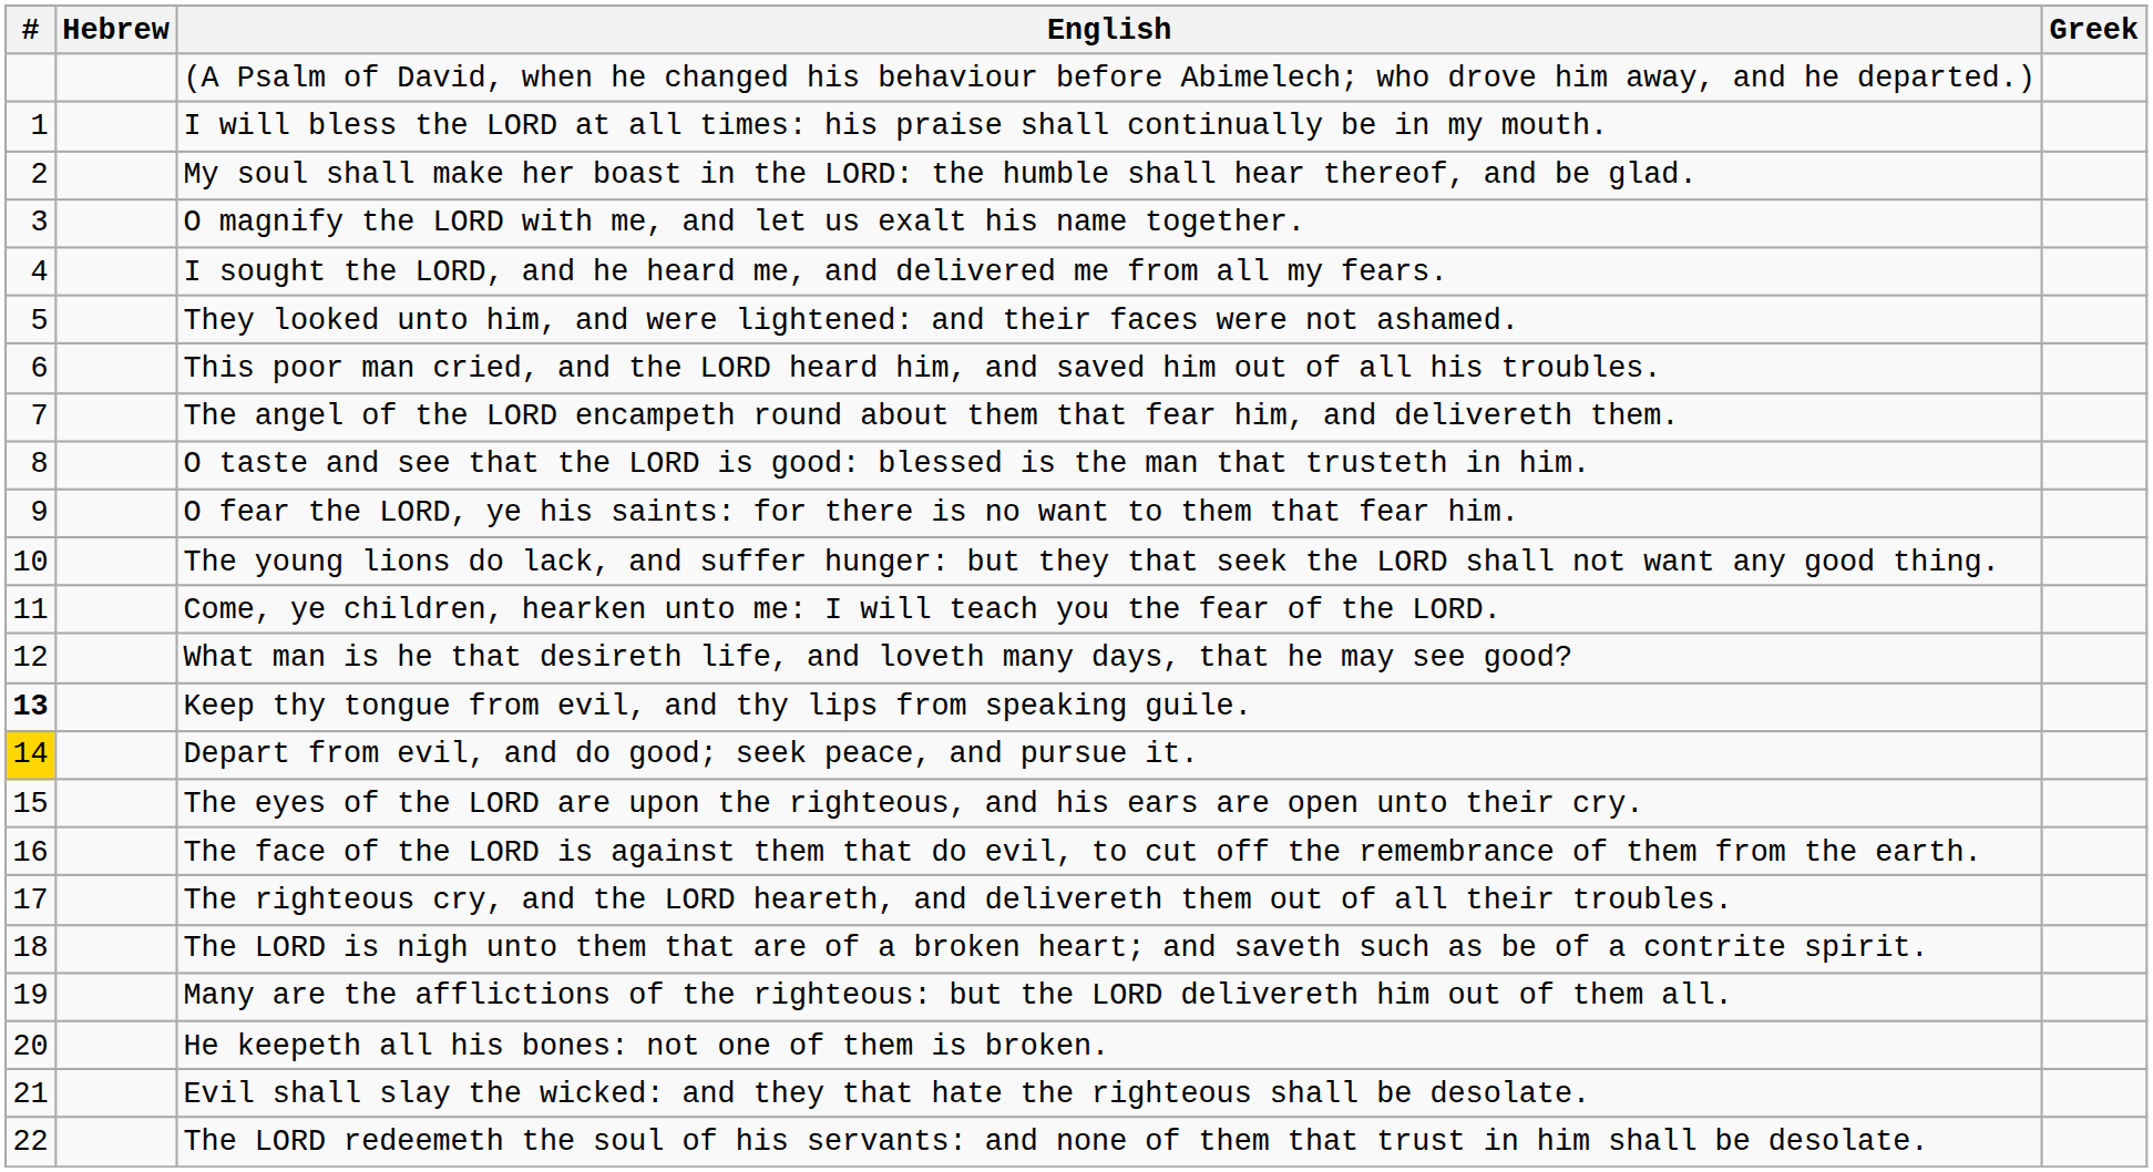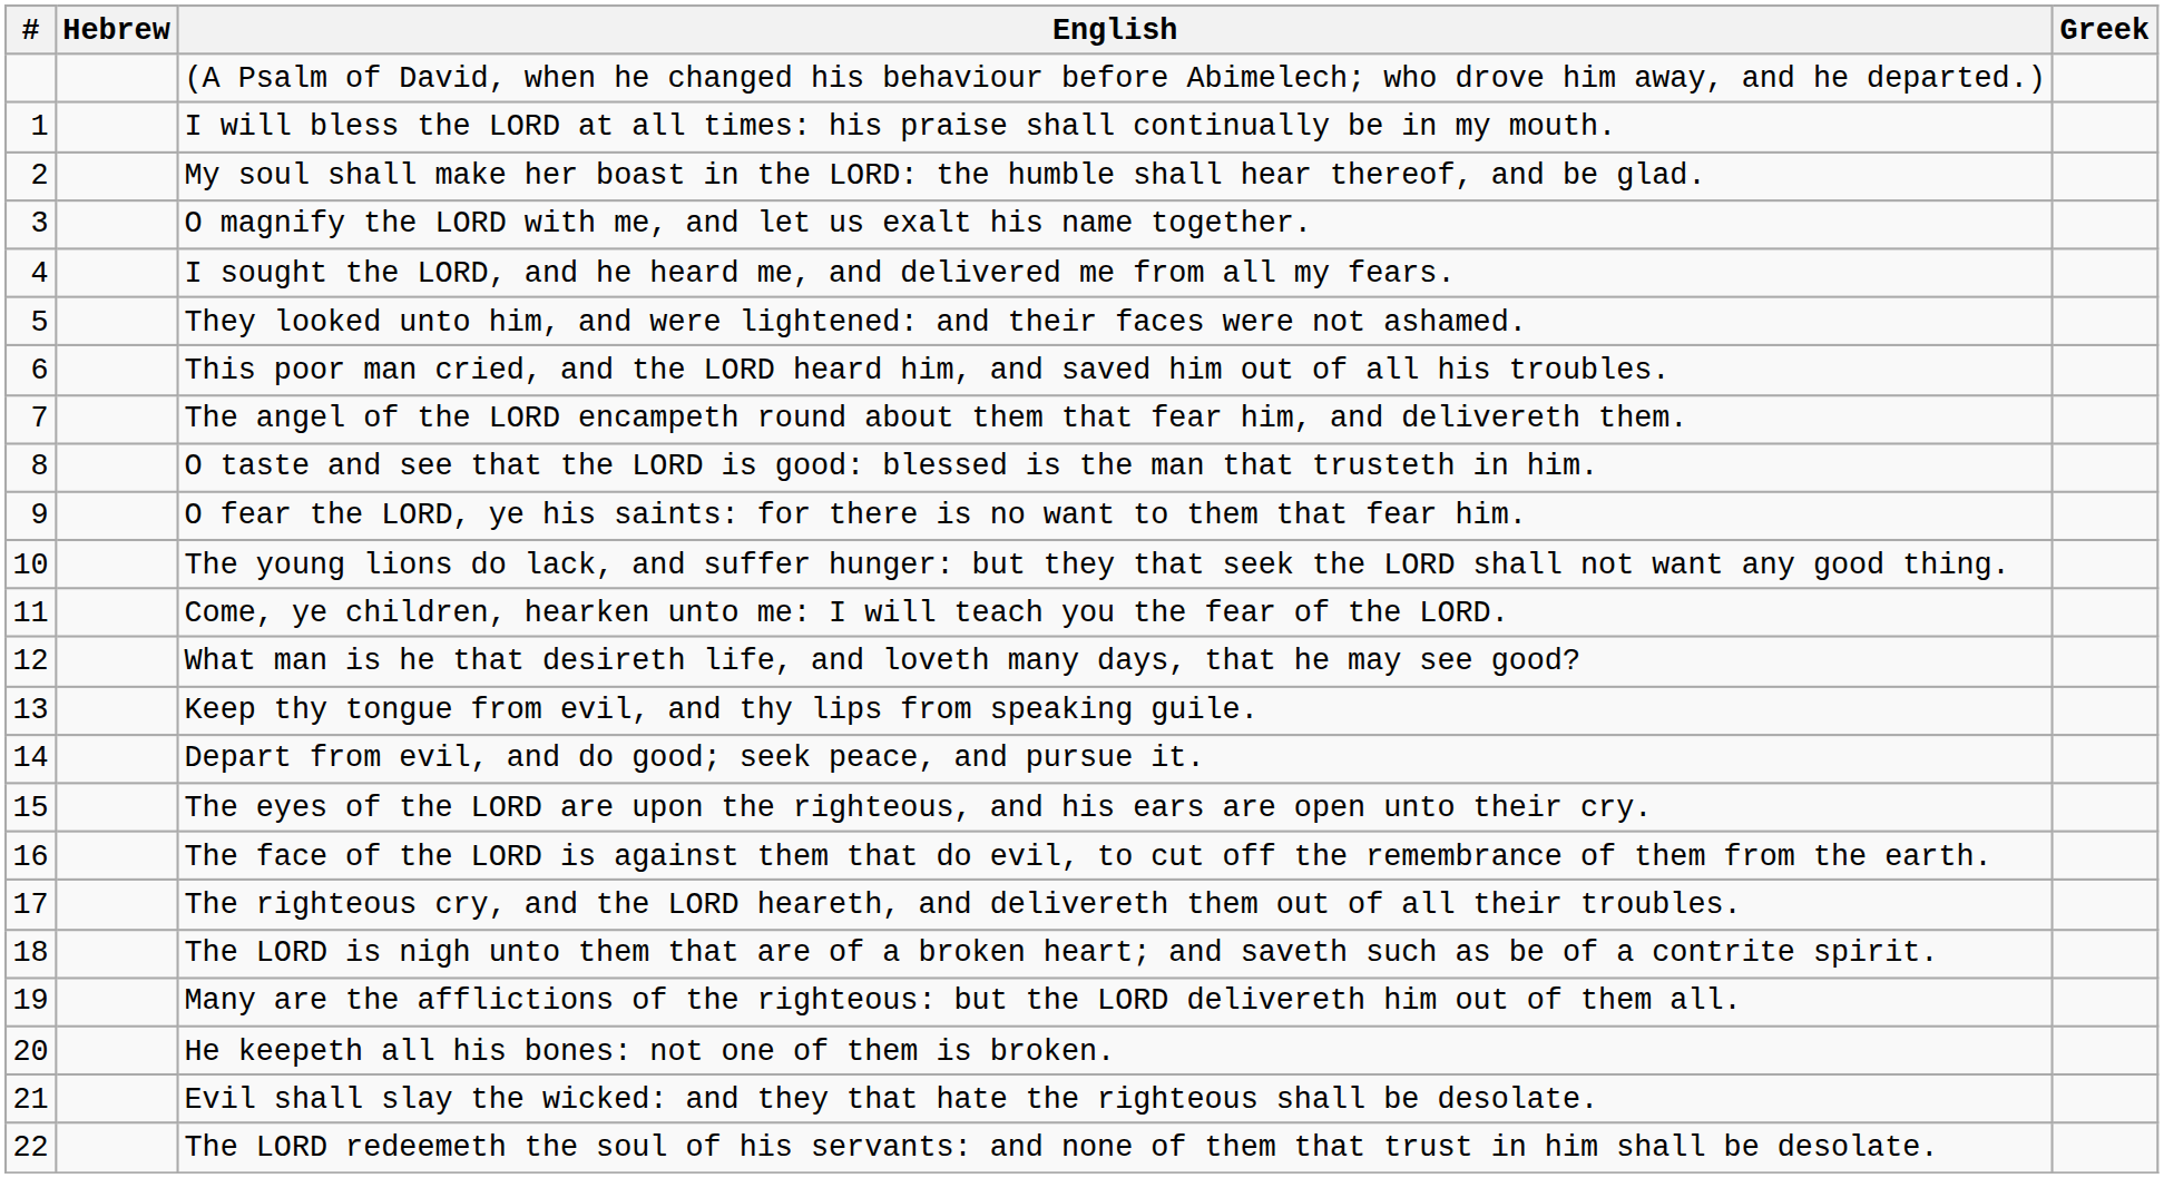 <table class=wikitable>
 <tr>
 <th>#</th>
 <th>Hebrew</th>
 <th>English</th>
 <th>Greek</th>
 </tr>
 <tr>
 <td style="text-align:right"></td>
 <td style="text-align:right"></td>
 <td>(A Psalm of David, when he changed his behaviour before Abimelech; who drove him away, and he departed.)</td>
 <td></td>
 </tr>
 <tr>
 <td style="text-align:right">1</td>
 <td style="text-align:right"></td>
 <td>I will bless the LORD at all times: his praise shall continually be in my mouth.</td>
 <td></td>
 </tr>
 <tr>
 <td style="text-align:right">2</td>
 <td style="text-align:right"></td>
 <td>My soul shall make her boast in the LORD: the humble shall hear thereof, and be glad.</td>
 <td></td>
 </tr>
 <tr>
 <td style="text-align:right">3</td>
 <td style="text-align:right"></td>
 <td>O magnify the LORD with me, and let us exalt his name together.</td>
 <td></td>
 </tr>
 <tr>
 <td style="text-align:right">4</td>
 <td style="text-align:right"></td>
 <td>I sought the LORD, and he heard me, and delivered me from all my fears.</td>
 <td></td>
 </tr>
 <tr>
 <td style="text-align:right">5</td>
 <td style="text-align:right"></td>
 <td>They looked unto him, and were lightened: and their faces were not ashamed.</td>
 <td></td>
 </tr>
 <tr>
 <td style="text-align:right">6</td>
 <td style="text-align:right"></td>
 <td>This poor man cried, and the LORD heard him, and saved him out of all his troubles.</td>
 <td></td>
 </tr>
 <tr>
 <td style="text-align:right">7</td>
 <td style="text-align:right"></td>
 <td>The angel of the LORD encampeth round about them that fear him, and delivereth them.</td>
 <td></td>
 </tr>
 <tr>
 <td style="text-align:right">8</td>
 <td style="text-align:right"></td>
 <td>O taste and see that the LORD is good: blessed is the man that trusteth in him.</td>
 <td></td>
 </tr>
 <tr>
 <td style="text-align:right">9</td>
 <td style="text-align:right"></td>
 <td>O fear the LORD, ye his saints: for there is no want to them that fear him.</td>
 <td></td>
 </tr>
 <tr>
 <td style="text-align:right">10</td>
 <td style="text-align:right"></td>
 <td>The young lions do lack, and suffer hunger: but they that seek the LORD shall not want any good thing.</td>
 <td></td>
 </tr>
 <tr>
 <td style="text-align:right">11</td>
 <td style="text-align:right"></td>
 <td>Come, ye children, hearken unto me: I will teach you the fear of the LORD.</td>
 <td></td>
 </tr>
 <tr>
 <td style="text-align:right">12</td>
 <td style="text-align:right"></td>
 <td>What man is he that desireth life, and loveth many days, that he may see good?</td>
 <td></td>
 </tr>
 <tr>
-<td style="text-align:right"><strong>13</strong></td>
+<td style="text-align:right">13</td>
 <td style="text-align:right"></td>
 <td>Keep thy tongue from evil, and thy lips from speaking guile.</td>
 <td></td>
 </tr>
 <tr>
-<td style="background: gold; text-align:right">14</td>
+<td style="text-align:right">14</td>
 <td style="text-align:right"></td>
 <td>Depart from evil, and do good; seek peace, and pursue it.</td>
 <td></td>
 </tr>
 <tr>
 <td style="text-align:right">15</td>
 <td style="text-align:right"></td>
 <td>The eyes of the LORD are upon the righteous, and his ears are open unto their cry.</td>
 <td></td>
 </tr>
 <tr>
 <td style="text-align:right">16</td>
 <td style="text-align:right"></td>
 <td>The face of the LORD is against them that do evil, to cut off the remembrance of them from the earth.</td>
 <td></td>
 </tr>
 <tr>
 <td style="text-align:right">17</td>
 <td style="text-align:right"></td>
 <td>The righteous cry, and the LORD heareth, and delivereth them out of all their troubles.</td>
 <td></td>
 </tr>
 <tr>
 <td style="text-align:right">18</td>
 <td style="text-align:right"></td>
 <td>The LORD is nigh unto them that are of a broken heart; and saveth such as be of a contrite spirit.</td>
 <td></td>
 </tr>
 <tr>
 <td style="text-align:right">19</td>
 <td style="text-align:right"></td>
 <td>Many are the afflictions of the righteous: but the LORD delivereth him out of them all.</td>
 <td></td>
 </tr>
 <tr>
 <td style="text-align:right">20</td>
 <td style="text-align:right"></td>
 <td>He keepeth all his bones: not one of them is broken.</td>
 <td></td>
 </tr>
 <tr>
 <td style="text-align:right">21</td>
 <td style="text-align:right"></td>
 <td>Evil shall slay the wicked: and they that hate the righteous shall be desolate.</td>
 <td></td>
 </tr>
 <tr>
 <td style="text-align:right">22</td>
 <td style="text-align:right"></td>
 <td>The LORD redeemeth the soul of his servants: and none of them that trust in him shall be desolate.</td>
 <td></td>
 </tr>
 <tr>
 </tr>
 </table>
